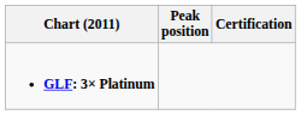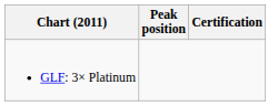 <table class="wikitable plainrowheaders">
 <tr>
 <th>Chart (2011)</th>
 <th style="text-align:center;">Peak<br>position</th>
 <th>Certification</th>
 </tr>
 <tr>
-<td><strong><br><ul><li><a href='#'>GLF</a>: 3× Platinum</li></ul></strong></td>
+<td><br><ul><li><a href='#'>GLF</a>: 3× Platinum</li></ul></td>
 </tr>
 </table>
